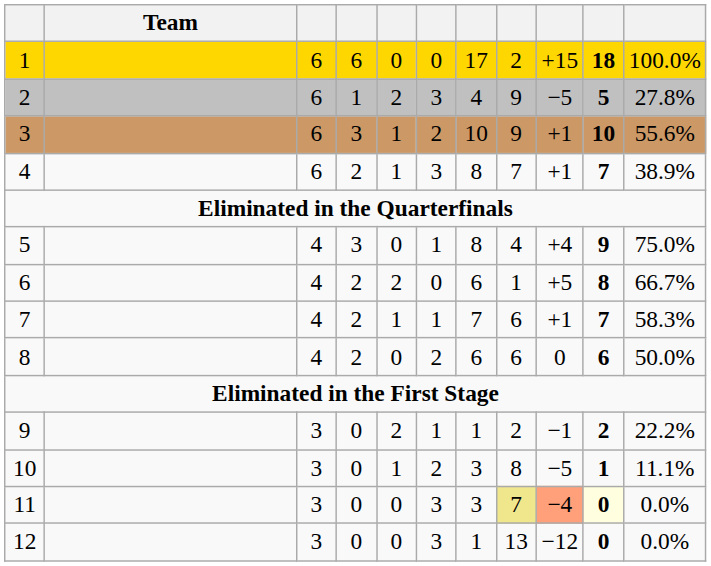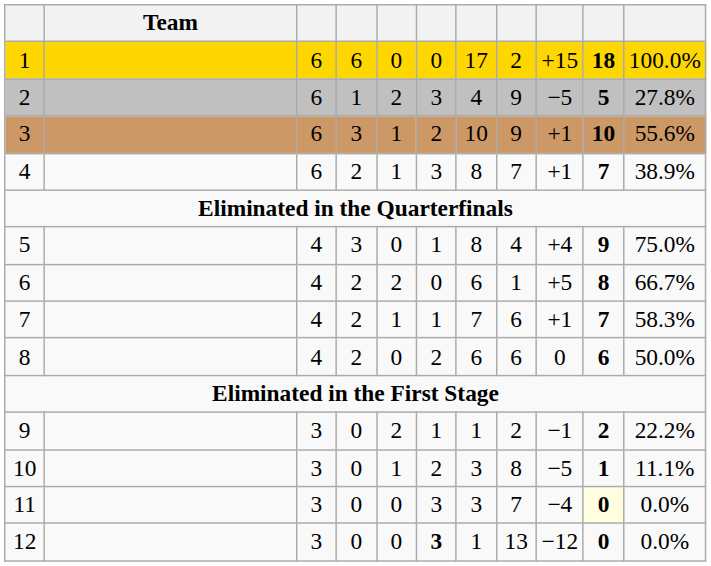 <table class="wikitable" style="text-align:center">
 <tr>
 <th width=20></th>
 <th width=165>Team</th>
 <th width=20></th>
 <th width=20></th>
 <th width=20></th>
 <th width=20></th>
 <th width=20></th>
 <th width=20></th>
 <th width=20></th>
 <th width=20></th>
 <th width=20></th>
 </tr>
 <tr bgcolor=gold>
 <td>1</td>
 <td align=left></td>
 <td>6</td>
 <td>6</td>
 <td>0</td>
 <td>0</td>
 <td>17</td>
 <td>2</td>
 <td>+15</td>
 <td><strong>18</strong></td>
 <td>100.0%</td>
 </tr>
 <tr bgcolor=silver>
 <td>2</td>
 <td align=left></td>
 <td>6</td>
 <td>1</td>
 <td>2</td>
 <td>3</td>
 <td>4</td>
 <td>9</td>
 <td>−5</td>
 <td><strong>5</strong></td>
 <td>27.8%</td>
 </tr>
 <tr bgcolor=cc9966>
 <td>3</td>
 <td align=left></td>
 <td>6</td>
 <td>3</td>
 <td>1</td>
 <td>2</td>
 <td>10</td>
 <td>9</td>
 <td>+1</td>
 <td><strong>10</strong></td>
 <td>55.6%</td>
 </tr>
 <tr>
 <td>4</td>
 <td align=left></td>
 <td>6</td>
 <td>2</td>
 <td>1</td>
 <td>3</td>
 <td>8</td>
 <td>7</td>
 <td>+1</td>
 <td><strong>7</strong></td>
 <td>38.9%</td>
 </tr>
 <tr>
 <td colspan=11><strong>Eliminated in the Quarterfinals</strong></td>
 </tr>
 <tr>
 <td>5</td>
 <td align=left></td>
 <td>4</td>
 <td>3</td>
 <td>0</td>
 <td>1</td>
 <td>8</td>
 <td>4</td>
 <td>+4</td>
 <td><strong>9</strong></td>
 <td>75.0%</td>
 </tr>
 <tr>
 <td>6</td>
 <td align=left></td>
 <td>4</td>
 <td>2</td>
 <td>2</td>
 <td>0</td>
 <td>6</td>
 <td>1</td>
 <td>+5</td>
 <td><strong>8</strong></td>
 <td>66.7%</td>
 </tr>
 <tr>
 <td>7</td>
 <td align=left></td>
 <td>4</td>
 <td>2</td>
 <td>1</td>
 <td>1</td>
 <td>7</td>
 <td>6</td>
 <td>+1</td>
 <td><strong>7</strong></td>
 <td>58.3%</td>
 </tr>
 <tr>
 <td>8</td>
 <td align=left></td>
 <td>4</td>
 <td>2</td>
 <td>0</td>
 <td>2</td>
 <td>6</td>
 <td>6</td>
 <td>0</td>
 <td><strong>6</strong></td>
 <td>50.0%</td>
 </tr>
 <tr>
 <td colspan=11><strong>Eliminated in the First Stage</strong></td>
 </tr>
 <tr>
 <td>9</td>
 <td align=left></td>
 <td>3</td>
 <td>0</td>
 <td>2</td>
 <td>1</td>
 <td>1</td>
 <td>2</td>
 <td>−1</td>
 <td><strong>2</strong></td>
 <td>22.2%</td>
 </tr>
 <tr>
 <td>10</td>
 <td align=left></td>
 <td>3</td>
 <td>0</td>
 <td>1</td>
 <td>2</td>
 <td>3</td>
 <td>8</td>
 <td>−5</td>
 <td><strong>1</strong></td>
 <td>11.1%</td>
 </tr>
 <tr>
 <td>11</td>
 <td align=left></td>
 <td>3</td>
 <td>0</td>
 <td>0</td>
 <td>3</td>
 <td>3</td>
-<td style="background: khaki;">7</td>
-<td style="background: lightsalmon;">−4</td>
+<td>7</td>
+<td>−4</td>
 <td style="background: lightyellow;"><strong>0</strong></td>
 <td>0.0%</td>
 </tr>
 <tr>
 <td>12</td>
 <td align=left></td>
 <td>3</td>
 <td>0</td>
 <td>0</td>
-<td>3</td>
+<td><strong>3</strong></td>
 <td>1</td>
 <td>13</td>
 <td>−12</td>
 <td><strong>0</strong></td>
 <td>0.0%</td>
 </tr>
 </table>
